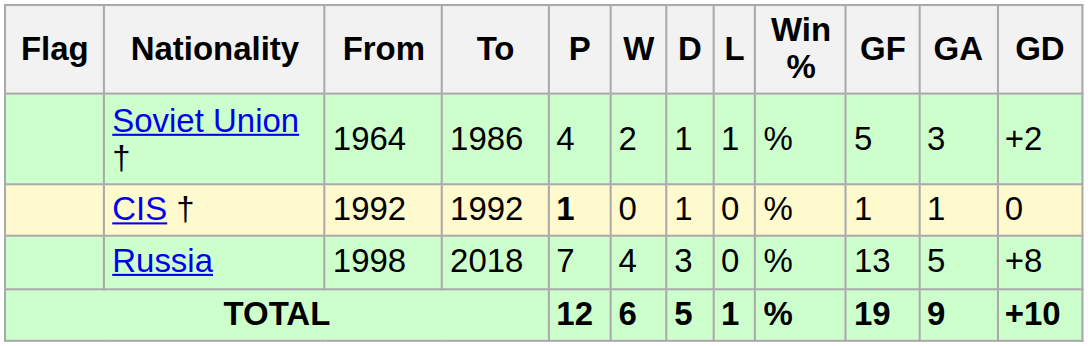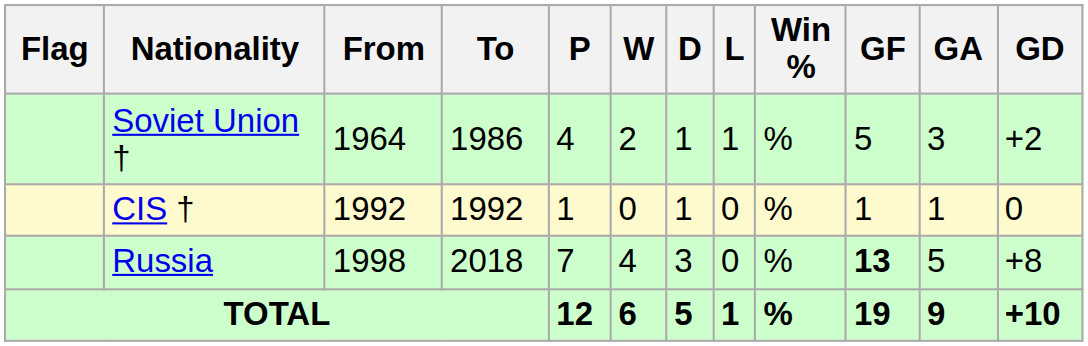 <table class="wikitable sortable" style="width:84%;">
 <tr>
 <th width="2">Flag</th>
 <th width="62">Nationality</th>
 <th width="2">From</th>
 <th width="2">To</th>
 <th width="2">P</th>
 <th width="2">W</th>
 <th width="2">D</th>
 <th width="2">L</th>
 <th width="2">Win %</th>
 <th width="2">GF</th>
 <th width="2">GA</th>
 <th width="2">GD</th>
 </tr>
 <tr bgcolor=#CCFFCC>
 <td></td>
 <td align=left><a href='#'>Soviet Union</a> †</td>
 <td align=left>1964</td>
 <td align=left>1986</td>
 <td>4</td>
 <td>2</td>
 <td>1</td>
 <td>1</td>
 <td>%</td>
 <td>5</td>
 <td>3</td>
 <td>+2</td>
 </tr>
 <tr bgcolor=#FFFACD>
 <td></td>
 <td align=left><a href='#'>CIS</a> †</td>
 <td align=left>1992</td>
 <td align=left>1992</td>
-<td><strong>1</strong></td>
+<td>1</td>
 <td>0</td>
 <td>1</td>
 <td>0</td>
 <td>%</td>
 <td>1</td>
 <td>1</td>
 <td>0</td>
 </tr>
 <tr bgcolor=#CCFFCC>
 <td></td>
 <td align=left><a href='#'>Russia</a></td>
 <td align=left>1998</td>
 <td align=left>2018</td>
 <td>7</td>
 <td>4</td>
 <td>3</td>
 <td>0</td>
 <td>%</td>
-<td>13</td>
+<td><strong>13</strong></td>
 <td>5</td>
 <td>+8</td>
 </tr>
 <tr bgcolor=#CCFFCC>
 <td colspan=4 style="text-align:center;"><strong>TOTAL</strong></td>
 <td><strong>12</strong></td>
 <td><strong>6</strong></td>
 <td><strong>5</strong></td>
 <td><strong>1</strong></td>
 <td><strong>%</strong></td>
 <td><strong>19</strong></td>
 <td><strong>9</strong></td>
 <td><strong>+10</strong></td>
 </tr>
 </table>
